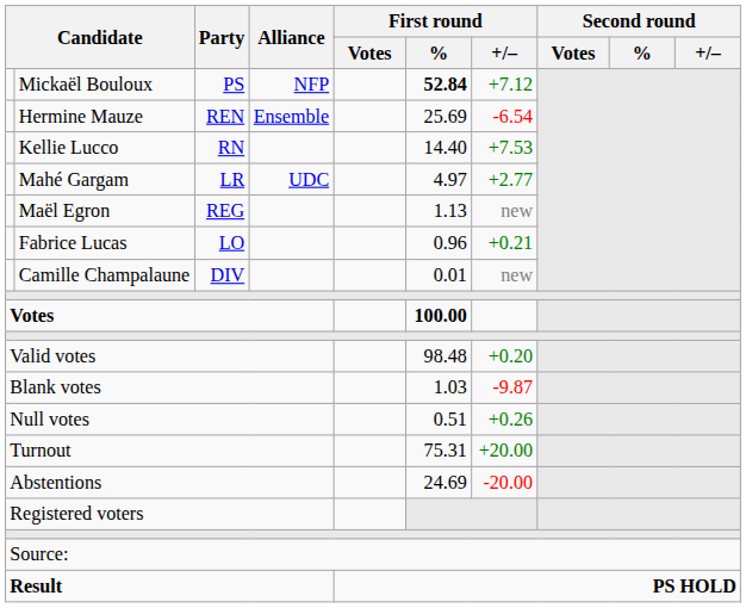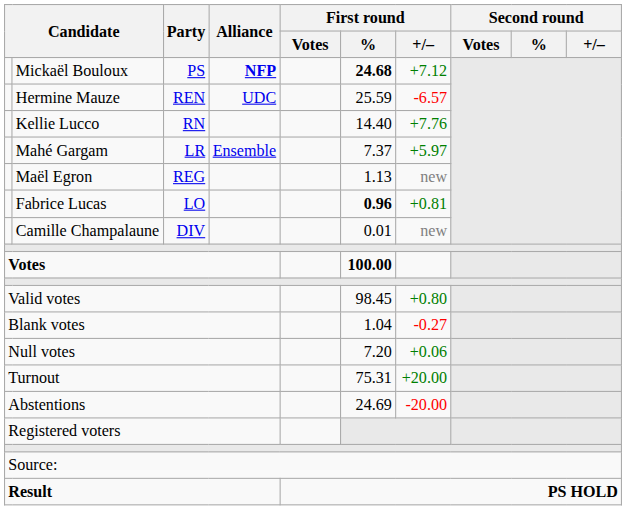 <table class="wikitable" style="text-align:right;font-size:95%;">
 <tr>
 <th rowspan="2" colspan="2">Candidate</th>
 <th colspan="1" rowspan="2">Party</th>
 <th colspan="1" rowspan="2">Alliance</th>
 <th colspan="3">First round</th>
 <th colspan="3">Second round</th>
 </tr>
 <tr>
 <th style="width:50px;">Votes</th>
 <th style="width:45px;">%</th>
 <th style="width:45px;">+/–</th>
 <th style="width:50px;">Votes</th>
 <th style="width:45px;">%</th>
 <th style="width:45px;">+/–</th>
 </tr>
 <tr>
 <td style="color:inherit;background:"></td>
 <td style="text-align:left;">Mickaël Bouloux</td>
 <td><a href='#'>PS</a></td>
-<td><a href='#'>NFP</a></td>
+<td><strong><a href='#'>NFP</a></strong></td>
 <td><strong></strong></td>
-<td><strong>52.84</strong></td>
+<td><strong>24.68</strong></td>
 <td style="color:green;">+7.12</td>
 <td colspan="3" rowspan="7" style="background:#E9E9E9;"></td>
 </tr>
 <tr>
 <td style="color:inherit;background:"></td>
 <td style="text-align:left;">Hermine Mauze</td>
 <td><a href='#'>REN</a></td>
-<td><a href='#'>Ensemble</a></td>
+<td><a href='#'>UDC</a></td>
 <td></td>
-<td>25.69</td>
-<td style="color:red;">-6.54</td>
+<td>25.59</td>
+<td style="color:red;">-6.57</td>
 </tr>
 <tr>
 <td style="color:inherit;background:"></td>
 <td style="text-align:left;">Kellie Lucco</td>
 <td><a href='#'>RN</a></td>
 <td></td>
 <td></td>
 <td>14.40</td>
-<td style="color:green;">+7.53</td>
+<td style="color:green;">+7.76</td>
 </tr>
 <tr>
 <td style="color:inherit;background:"></td>
 <td style="text-align:left;">Mahé Gargam</td>
 <td><a href='#'>LR</a></td>
-<td><a href='#'>UDC</a></td>
+<td><a href='#'>Ensemble</a></td>
 <td></td>
-<td>4.97</td>
-<td style="color:green;">+2.77</td>
+<td>7.37</td>
+<td style="color:green;">+5.97</td>
 </tr>
 <tr>
 <td style="color:inherit;background:"></td>
 <td style="text-align:left;">Maël Egron</td>
 <td><a href='#'>REG</a></td>
 <td></td>
 <td></td>
 <td>1.13</td>
 <td style="color:grey;">new</td>
 </tr>
 <tr>
 <td style="color:inherit;background:"></td>
 <td style="text-align:left;">Fabrice Lucas</td>
 <td><a href='#'>LO</a></td>
 <td></td>
 <td></td>
-<td>0.96</td>
-<td style="color:green;">+0.21</td>
+<td><strong>0.96</strong></td>
+<td style="color:green;">+0.81</td>
 </tr>
 <tr>
 <td style="color:inherit;background:"></td>
 <td style="text-align:left;">Camille Champalaune</td>
 <td><a href='#'>DIV</a></td>
 <td></td>
 <td></td>
 <td>0.01</td>
 <td style="color:grey;">new</td>
 </tr>
 <tr>
 <td colspan="10" style="background:#E9E9E9;"></td>
 </tr>
 <tr style="font-weight:bold;">
 <td colspan="4" style="text-align:left;">Votes</td>
 <td></td>
 <td>100.00</td>
 <td></td>
 <td colspan="3" rowspan="1" style="background:#E9E9E9;"></td>
 </tr>
 <tr>
 <td colspan="10" style="background:#E9E9E9;"></td>
 </tr>
 <tr>
 <td colspan="4" style="text-align:left;">Valid votes</td>
 <td></td>
-<td>98.48</td>
-<td style="color:green;">+0.20</td>
+<td>98.45</td>
+<td style="color:green;">+0.80</td>
 <td colspan="3" rowspan="1" style="background:#E9E9E9;"></td>
 </tr>
 <tr>
 <td colspan="4" style="text-align:left;">Blank votes</td>
 <td></td>
-<td>1.03</td>
-<td style="color:red;">-9.87</td>
+<td>1.04</td>
+<td style="color:red;">-0.27</td>
 <td colspan="3" rowspan="1" style="background:#E9E9E9;"></td>
 </tr>
 <tr>
 <td colspan="4" style="text-align:left;">Null votes</td>
 <td></td>
-<td>0.51</td>
-<td style="color:green;">+0.26</td>
+<td>7.20</td>
+<td style="color:green;">+0.06</td>
 <td colspan="3" rowspan="1" style="background:#E9E9E9;"></td>
 </tr>
 <tr>
 <td colspan="4" style="text-align:left;">Turnout</td>
 <td></td>
 <td>75.31</td>
 <td style="color:green;">+20.00</td>
 <td colspan="3" rowspan="1" style="background:#E9E9E9;"></td>
 </tr>
 <tr>
 <td colspan="4" style="text-align:left;">Abstentions</td>
 <td></td>
 <td>24.69</td>
 <td style="color:red;">-20.00</td>
 <td colspan="3" rowspan="1" style="background:#E9E9E9;"></td>
 </tr>
 <tr>
 <td colspan="4" style="text-align:left;">Registered voters</td>
 <td></td>
 <td colspan="2" style="background:#E9E9E9;"></td>
 <td colspan="3" rowspan="1" style="background:#E9E9E9;"></td>
 </tr>
 <tr>
 <td colspan="10" style="background:#E9E9E9;"></td>
 </tr>
 <tr>
 <td colspan="10" style="text-align:left;">Source: </td>
 </tr>
 <tr style="font-weight:bold">
 <td colspan="4" style="text-align:left;">Result</td>
 <td colspan="6" style="background-color:">PS HOLD</td>
 </tr>
 </table>
